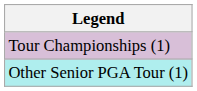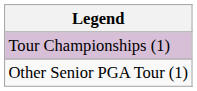 <table class="wikitable" style="font-size:95%;">
 <tr>
 <th>Legend</th>
 </tr>
 <tr style="background:thistle;">
 <td>Tour Championships (1)</td>
 </tr>
 <tr>
-<td style="background: paleturquoise;">Other Senior PGA Tour (1)</td>
+<td>Other Senior PGA Tour (1)</td>
 </tr>
 </table>
